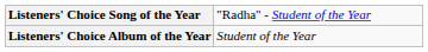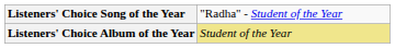 <table class="wikitable">
 <tr>
 <th style="text-align: left; width:50%;">Listeners' Choice Song of the Year</th>
 <td>"Radha" - <em><a href='#'>Student of the Year</a></em></td>
 </tr>
 <tr>
 <th style="text-align: left;">Listeners' Choice Album of the Year</th>
-<td><em>Student of the Year</em></td>
+<td style="background: khaki;"><em>Student of the Year</em></td>
 </tr>
 </table>
